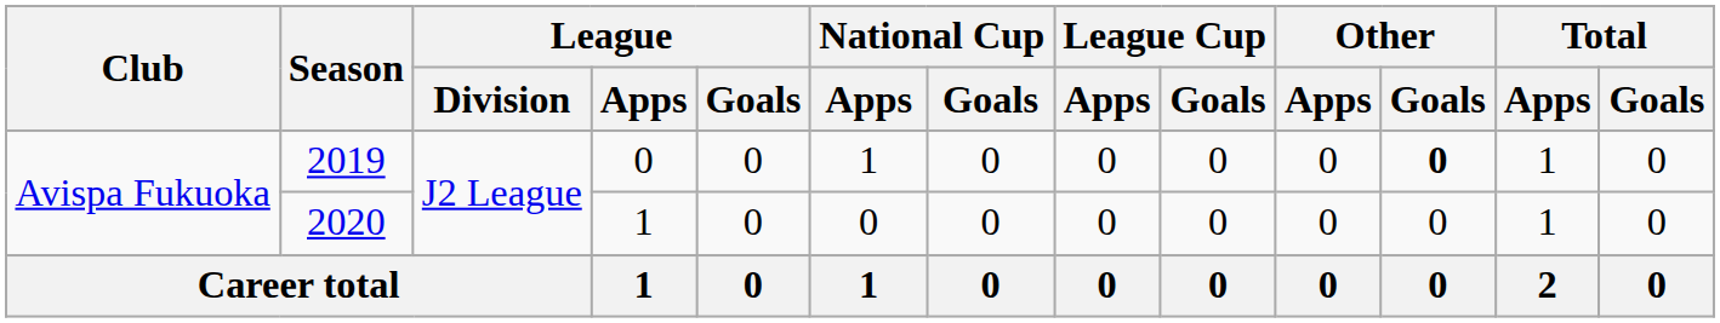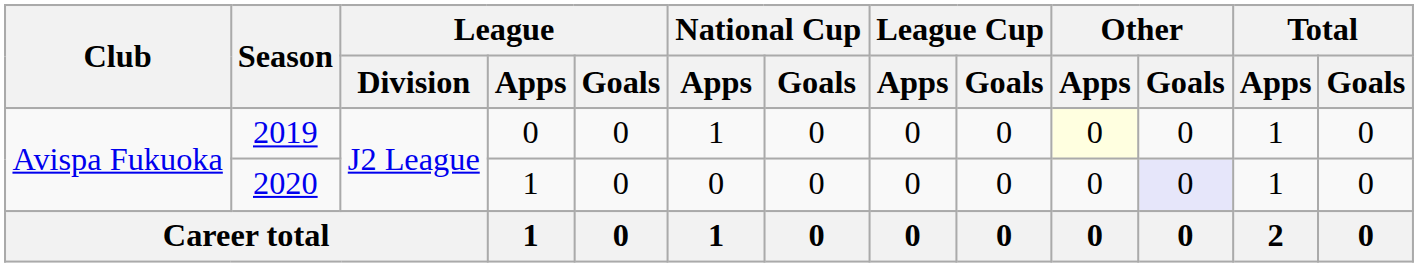 <table class="wikitable" style="text-align: center">
 <tr>
 <th rowspan="2">Club</th>
 <th rowspan="2">Season</th>
 <th colspan="3">League</th>
 <th colspan="2">National Cup</th>
 <th colspan="2">League Cup</th>
 <th colspan="2">Other</th>
 <th colspan="2">Total</th>
 </tr>
 <tr>
 <th>Division</th>
 <th>Apps</th>
 <th>Goals</th>
 <th>Apps</th>
 <th>Goals</th>
 <th>Apps</th>
 <th>Goals</th>
 <th>Apps</th>
 <th>Goals</th>
 <th>Apps</th>
 <th>Goals</th>
 </tr>
 <tr>
 <td rowspan="2"><a href='#'>Avispa Fukuoka</a></td>
 <td><a href='#'>2019</a></td>
 <td rowspan="2"><a href='#'>J2 League</a></td>
 <td>0</td>
 <td>0</td>
 <td>1</td>
 <td>0</td>
 <td>0</td>
 <td>0</td>
+<td style="background: lightyellow;">0</td>
 <td>0</td>
-<td><strong>0</strong></td>
 <td>1</td>
 <td>0</td>
 </tr>
 <tr>
 <td><a href='#'>2020</a></td>
 <td>1</td>
 <td>0</td>
 <td>0</td>
 <td>0</td>
 <td>0</td>
 <td>0</td>
 <td>0</td>
-<td>0</td>
+<td style="background: lavender;">0</td>
 <td>1</td>
 <td>0</td>
 </tr>
 <tr>
 <th colspan=3>Career total</th>
 <th>1</th>
 <th>0</th>
 <th>1</th>
 <th>0</th>
 <th>0</th>
 <th>0</th>
 <th>0</th>
 <th>0</th>
 <th>2</th>
 <th>0</th>
 </tr>
 </table>
